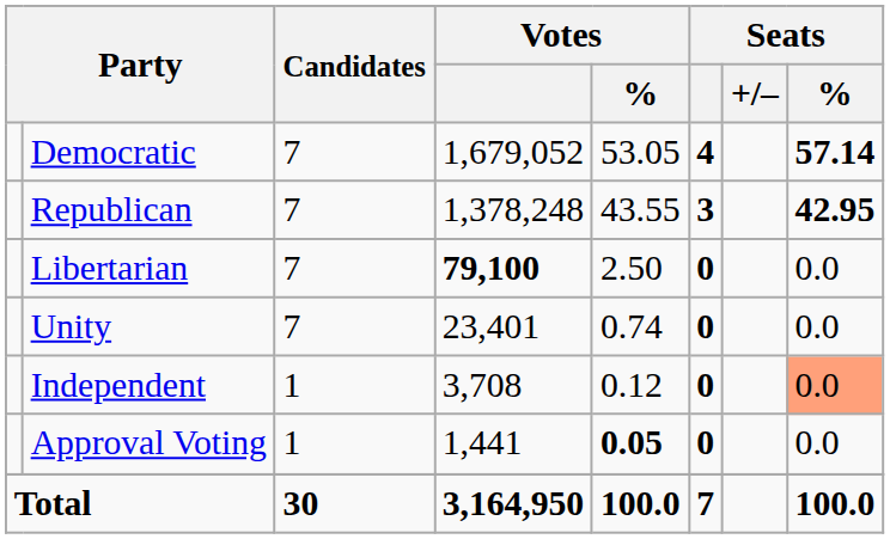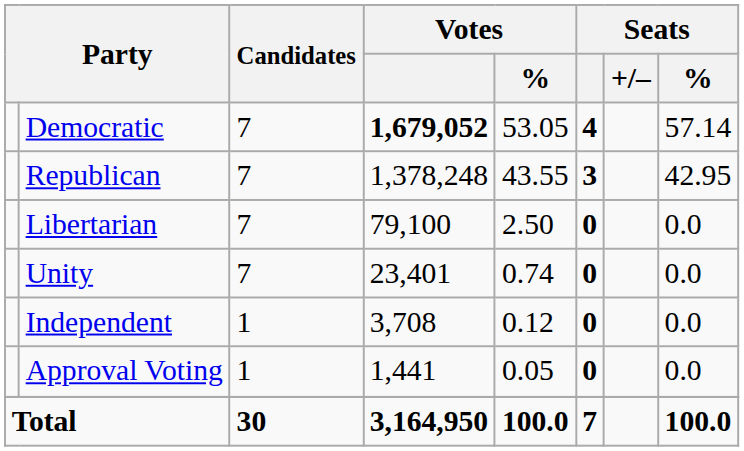 <table class="wikitable" style="font-size: 95%;">
 <tr>
 <th colspan="2" rowspan="2">Party</th>
 <th rowspan="2"><small>Candi</small><small>dates</small></th>
 <th colspan="2">Votes</th>
 <th colspan="3">Seats</th>
 </tr>
 <tr>
 <th></th>
 <th>%</th>
 <th></th>
 <th>+/–</th>
 <th>%</th>
 </tr>
 <tr>
 <td style="color:inherit;background:"></td>
 <td align="left"><a href='#'>Democratic</a></td>
 <td>7</td>
-<td>1,679,052</td>
+<td><strong>1,679,052</strong></td>
 <td>53.05</td>
 <td><strong>4</strong></td>
 <td></td>
-<td><strong>57.14</strong></td>
+<td>57.14</td>
 </tr>
 <tr>
 <td style="color:inherit;background:"></td>
 <td align="left"><a href='#'>Republican</a></td>
 <td>7</td>
 <td>1,378,248</td>
 <td>43.55</td>
 <td><strong>3</strong></td>
 <td></td>
-<td><strong>42.95</strong></td>
+<td>42.95</td>
 </tr>
 <tr>
 <td style="color:inherit;background:"></td>
 <td align="left"><a href='#'>Libertarian</a></td>
 <td>7</td>
-<td><strong>79,100</strong></td>
+<td>79,100</td>
 <td>2.50</td>
 <td><strong>0</strong></td>
 <td></td>
 <td>0.0</td>
 </tr>
 <tr>
 <td style="color:inherit;background:"></td>
 <td align="left"><a href='#'>Unity</a></td>
 <td>7</td>
 <td>23,401</td>
 <td>0.74</td>
 <td><strong>0</strong></td>
 <td></td>
 <td>0.0</td>
 </tr>
 <tr>
 <td style="color:inherit;background:"></td>
 <td align="left"><a href='#'>Independent</a></td>
 <td>1</td>
 <td>3,708</td>
 <td>0.12</td>
 <td><strong>0</strong></td>
 <td></td>
-<td style="background: lightsalmon;">0.0</td>
+<td>0.0</td>
 </tr>
 <tr>
 <td style="color:inherit;background:"></td>
 <td align="left"><a href='#'>Approval Voting</a></td>
 <td>1</td>
 <td>1,441</td>
-<td><strong>0.05</strong></td>
+<td>0.05</td>
 <td><strong>0</strong></td>
 <td></td>
 <td>0.0</td>
 </tr>
 <tr>
 </tr>
 <tr style="font-weight:bold">
 <td colspan="2" align="left">Total</td>
 <td>30</td>
 <td>3,164,950</td>
 <td>100.0</td>
 <td>7</td>
 <td></td>
 <td>100.0</td>
 </tr>
 </table>
